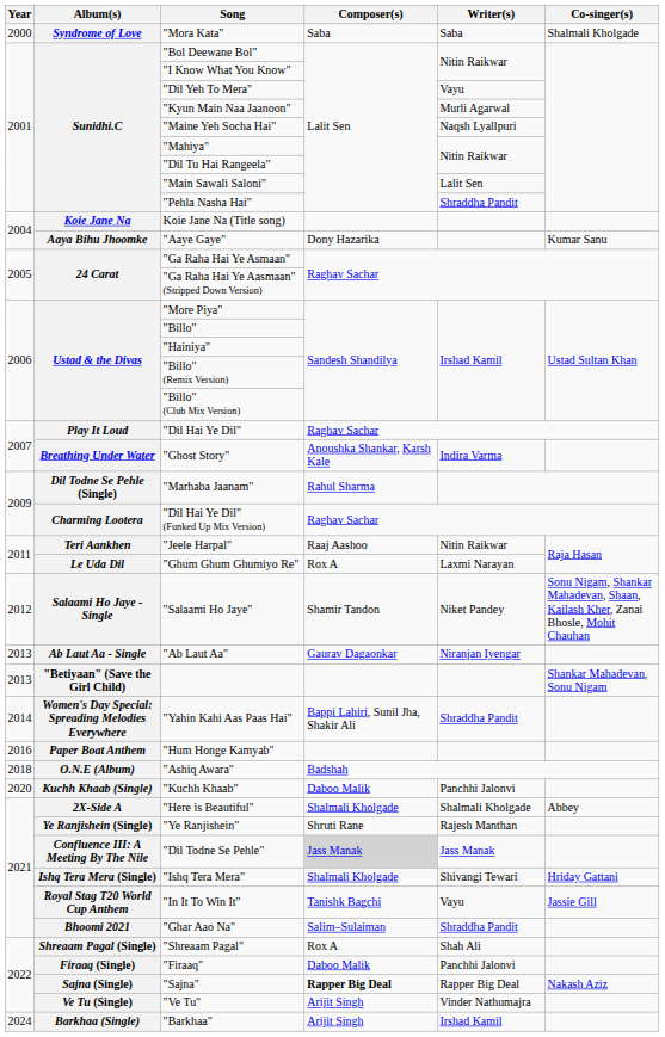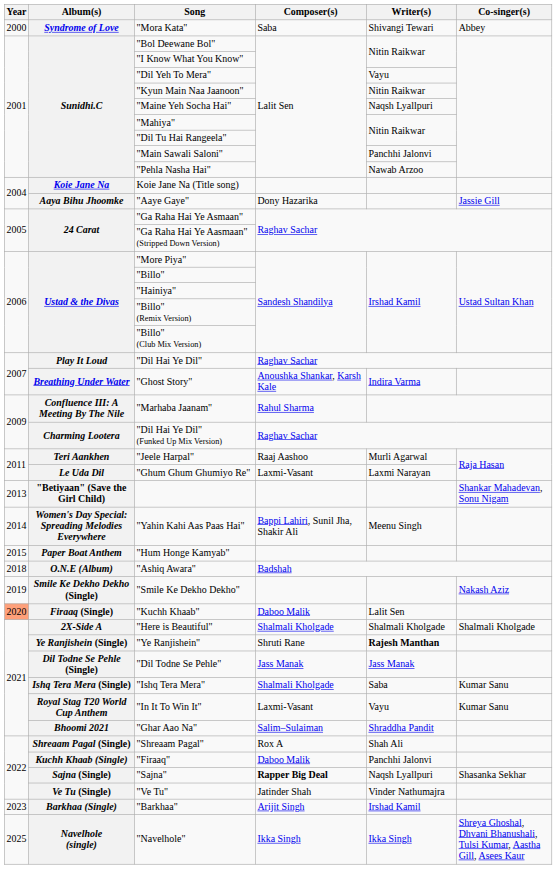 <table class="wikitable plainrowheaders" width="100%">
 <tr>
 <th>Year</th>
 <th width=20%>Album(s)</th>
 <th width=23%>Song</th>
 <th width=21%>Composer(s)</th>
 <th width=17%>Writer(s)</th>
 <th width=18%>Co-singer(s)</th>
 </tr>
 <tr>
 <td>2000</td>
 <th scope="row"><em><a href='#'>Syndrome of Love</a></em></th>
 <td>"Mora Kata"</td>
 <td>Saba</td>
-<td>Saba</td>
-<td>Shalmali Kholgade</td>
+<td>Shivangi Tewari</td>
+<td>Abbey</td>
 </tr>
 <tr>
 <td rowspan="9">2001</td>
 <th scope="row" rowspan="9"><em>Sunidhi.C</em></th>
 <td>"Bol Deewane Bol"</td>
 <td rowspan="9">Lalit Sen</td>
 <td rowspan="2">Nitin Raikwar</td>
 <td rowspan="9"></td>
 </tr>
 <tr>
 <td>"I Know What You Know"</td>
 </tr>
 <tr>
 <td>"Dil Yeh To Mera"</td>
 <td>Vayu</td>
 </tr>
 <tr>
 <td>"Kyun Main Naa Jaanoon"</td>
-<td>Murli Agarwal</td>
+<td>Nitin Raikwar</td>
 </tr>
 <tr>
 <td>"Maine Yeh Socha Hai"</td>
 <td>Naqsh Lyallpuri</td>
 </tr>
 <tr>
 <td>"Mahiya"</td>
 <td rowspan="2">Nitin Raikwar</td>
 </tr>
 <tr>
 <td>"Dil Tu Hai Rangeela"</td>
 </tr>
 <tr>
 <td>"Main Sawali Saloni"</td>
-<td>Lalit Sen</td>
+<td>Panchhi Jalonvi</td>
 </tr>
 <tr>
 <td>"Pehla Nasha Hai"</td>
-<td><a href='#'>Shraddha Pandit</a></td>
+<td>Nawab Arzoo</td>
 </tr>
 <tr>
 <td rowspan="2">2004</td>
 <th scope="row"><em><a href='#'>Koie Jane Na</a></em></th>
 <td>Koie Jane Na (Title song)</td>
 <td></td>
 <td></td>
 <td></td>
 </tr>
 <tr>
 <th scope="row"><em>Aaya Bihu Jhoomke</em></th>
 <td>"Aaye Gaye"</td>
 <td>Dony Hazarika</td>
 <td></td>
-<td>Kumar Sanu</td>
+<td><a href='#'>Jassie Gill</a></td>
 </tr>
 <tr>
 <td rowspan="2">2005</td>
 <th scope="row" rowspan="2"><em>24 Carat</em></th>
 <td>"Ga Raha Hai Ye Asmaan"</td>
 <td colspan="3" rowspan="2"><a href='#'>Raghav Sachar</a></td>
 </tr>
 <tr>
 <td>"Ga Raha Hai Ye Aasmaan"<br><small>(Stripped Down Version)</small></td>
 </tr>
 <tr>
 <td rowspan="5">2006</td>
 <th scope="row" rowspan="5"><em><a href='#'>Ustad & the Divas</a></em></th>
 <td>"More Piya"</td>
 <td rowspan="5"><a href='#'>Sandesh Shandilya</a></td>
 <td rowspan="5"><a href='#'>Irshad Kamil</a></td>
 <td rowspan="5"><a href='#'>Ustad Sultan Khan</a></td>
 </tr>
 <tr>
 <td>"Billo"</td>
 </tr>
 <tr>
 <td>"Hainiya"</td>
 </tr>
 <tr>
 <td>"Billo"<br><small>(Remix Version)</small></td>
 </tr>
 <tr>
 <td>"Billo"<br><small>(Club Mix Version)</small></td>
 </tr>
 <tr>
 <td rowspan="2">2007</td>
 <th scope="row"><em>Play It Loud</em></th>
 <td>"Dil Hai Ye Dil"</td>
 <td colspan="3"><a href='#'>Raghav Sachar</a></td>
 </tr>
 <tr>
 <th scope="row"><em><a href='#'>Breathing Under Water</a></em></th>
 <td>"Ghost Story"</td>
 <td><a href='#'>Anoushka Shankar</a>, <a href='#'>Karsh Kale</a></td>
 <td><a href='#'>Indira Varma</a></td>
 <td></td>
 </tr>
 <tr>
 <td rowspan="2">2009</td>
-<th scope="row"><em>Dil Todne Se Pehle</em> (Single)</th>
+<th scope="row"><em>Confluence III: A Meeting By The Nile</em></th>
 <td>"Marhaba Jaanam"</td>
 <td><a href='#'>Rahul Sharma</a></td>
 <td colspan="2"></td>
 </tr>
 <tr>
 <th scope="row"><em>Charming Lootera</em></th>
 <td>"Dil Hai Ye Dil"<br><small>(Funked Up Mix Version)</small></td>
 <td colspan="3"><a href='#'>Raghav Sachar</a></td>
 </tr>
 <tr>
 <td rowspan="2">2011</td>
 <th scope="row"><em>Teri Aankhen</em></th>
 <td>"Jeele Harpal"</td>
 <td>Raaj Aashoo</td>
-<td>Nitin Raikwar</td>
+<td>Murli Agarwal</td>
 <td rowspan="2"><a href='#'>Raja Hasan</a></td>
 </tr>
 <tr>
 <th scope="row"><em>Le Uda Dil </em></th>
 <td>"Ghum Ghum Ghumiyo Re"</td>
-<td>Rox A</td>
+<td>Laxmi-Vasant</td>
 <td>Laxmi Narayan</td>
-</tr>
-<tr>
-<td>2012</td>
-<th scope="row"><em>Salaami Ho Jaye - Single</em></th>
-<td>"Salaami Ho Jaye"</td>
-<td>Shamir Tandon</td>
-<td>Niket Pandey</td>
-<td><a href='#'>Sonu Nigam</a>, <a href='#'>Shankar Mahadevan</a>, <a href='#'>Shaan</a>, <a href='#'>Kailash Kher</a>, Zanai Bhosle, <a href='#'>Mohit Chauhan</a></td>
-</tr>
-<tr>
-<td>2013</td>
-<th scope="row"><em>Ab Laut Aa - Single</em></th>
-<td>"Ab Laut Aa"</td>
-<td><a href='#'>Gaurav Dagaonkar</a></td>
-<td><a href='#'>Niranjan Iyengar</a></td>
-<td></td>
 </tr>
 <tr>
 <td>2013</td>
 <th scope="row">"Betiyaan" (Save the Girl Child)</th>
 <td></td>
 <td></td>
 <td></td>
 <td><a href='#'>Shankar Mahadevan</a>, <a href='#'>Sonu Nigam</a></td>
 </tr>
 <tr>
 <td>2014</td>
 <th scope="row"><em>Women's Day Special: Spreading Melodies Everywhere</em></th>
 <td>"Yahin Kahi Aas Paas Hai"</td>
 <td><a href='#'>Bappi Lahiri</a>, Sunil Jha, Shakir Ali</td>
-<td><a href='#'>Shraddha Pandit</a></td>
+<td>Meenu Singh</td>
 <td></td>
 </tr>
 <tr>
-<td>2016</td>
+<td>2015</td>
 <th scope="row"><em>Paper Boat Anthem</em></th>
 <td>"Hum Honge Kamyab"</td>
 <td></td>
 <td></td>
 <td></td>
 </tr>
 <tr>
 <td>2018</td>
 <th scope="row"><em>O.N.E (Album)</em></th>
 <td>"Ashiq Awara"</td>
 <td colspan=3><a href='#'>Badshah</a></td>
 </tr>
 <tr>
-<td>2020</td>
-<th scope="row"><em>Kuchh Khaab (Single)</em></th>
+<td>2019</td>
+<th scope="row"><em>Smile Ke Dekho Dekho</em> (Single)</th>
+<td>"Smile Ke Dekho Dekho"</td>
+<td></td>
+<td></td>
+<td><a href='#'>Nakash Aziz</a></td>
+</tr>
+<tr>
+<td style="background: lightsalmon;">2020</td>
+<th scope="row"><em>Firaaq</em> (Single)</th>
 <td>"Kuchh Khaab"</td>
 <td><a href='#'>Daboo Malik</a></td>
-<td>Panchhi Jalonvi</td>
+<td>Lalit Sen</td>
 <td></td>
 </tr>
 <tr>
 <td rowspan="6">2021</td>
 <th scope="row"><em>2X-Side A</em></th>
 <td>"Here is Beautiful"</td>
 <td><a href='#'>Shalmali Kholgade</a></td>
 <td>Shalmali Kholgade</td>
-<td>Abbey</td>
+<td>Shalmali Kholgade</td>
 </tr>
 <tr>
 <th scope="row"><em>Ye Ranjishein</em> (Single)</th>
 <td>"Ye Ranjishein"</td>
 <td>Shruti Rane</td>
-<td>Rajesh Manthan</td>
+<td><strong>Rajesh Manthan</strong></td>
 <td></td>
 </tr>
 <tr>
-<th scope="row"><em>Confluence III: A Meeting By The Nile</em></th>
+<th scope="row"><em>Dil Todne Se Pehle</em> (Single)</th>
 <td>"Dil Todne Se Pehle"</td>
-<td style="background: lightgrey;"><a href='#'>Jass Manak</a></td>
+<td><a href='#'>Jass Manak</a></td>
 <td><a href='#'>Jass Manak</a></td>
 <td></td>
 </tr>
 <tr>
 <th scope="row"><em>Ishq Tera Mera</em> (Single)</th>
 <td>"Ishq Tera Mera"</td>
 <td><a href='#'>Shalmali Kholgade</a></td>
-<td>Shivangi Tewari</td>
-<td><a href='#'>Hriday Gattani</a></td>
+<td>Saba</td>
+<td>Kumar Sanu</td>
 </tr>
 <tr>
 <th scope="row"><em>Royal Stag T20 World Cup Anthem</em></th>
 <td>"In It To Win It"</td>
-<td><a href='#'>Tanishk Bagchi</a></td>
+<td>Laxmi-Vasant</td>
 <td>Vayu</td>
-<td><a href='#'>Jassie Gill</a></td>
+<td>Kumar Sanu</td>
 </tr>
 <tr>
 <th scope="row"><em>Bhoomi 2021</em></th>
 <td>"Ghar Aao Na"</td>
 <td><a href='#'>Salim–Sulaiman</a></td>
 <td><a href='#'>Shraddha Pandit</a></td>
 <td></td>
 </tr>
 <tr>
 <td rowspan="4">2022</td>
 <th scope="row"><em>Shreaam Pagal</em> (Single)</th>
 <td>"Shreaam Pagal"</td>
 <td>Rox A</td>
 <td>Shah Ali</td>
 <td></td>
 </tr>
 <tr>
-<th scope="row"><em>Firaaq</em> (Single)</th>
+<th scope="row"><em>Kuchh Khaab (Single)</em></th>
 <td>"Firaaq"</td>
 <td><a href='#'>Daboo Malik</a></td>
 <td>Panchhi Jalonvi</td>
 <td></td>
 </tr>
 <tr>
 <th scope="row"><em>Sajna</em> (Single)</th>
 <td>"Sajna"</td>
 <td><strong>Rapper Big Deal</strong></td>
-<td>Rapper Big Deal</td>
-<td><a href='#'>Nakash Aziz</a></td>
+<td>Naqsh Lyallpuri</td>
+<td>Shasanka Sekhar</td>
 </tr>
 <tr>
 <th scope="row"><em>Ve Tu</em> (Single)</th>
 <td>"Ve Tu"</td>
-<td><a href='#'>Arijit Singh</a></td>
+<td>Jatinder Shah</td>
 <td>Vinder Nathumajra</td>
 <td></td>
 </tr>
 <tr>
-<td>2024</td>
+<td>2023</td>
 <th scope="row"><em>Barkhaa (Single)</em></th>
 <td>"Barkhaa"</td>
 <td><a href='#'>Arijit Singh</a></td>
 <td><a href='#'>Irshad Kamil</a></td>
 <td></td>
 </tr>
+<tr>
+<td>2025</td>
+<th><em>Navelhole</em><br><em>(single)</em></th>
+<td>"Navelhole"</td>
+<td><a href='#'>Ikka Singh</a></td>
+<td><a href='#'>Ikka Singh</a></td>
+<td><a href='#'>Shreya Ghoshal</a>, <a href='#'>Dhvani Bhanushali</a>, <a href='#'>Tulsi Kumar</a>, <a href='#'>Aastha Gill</a>, <a href='#'>Asees Kaur</a></td>
+</tr>
 </table>
